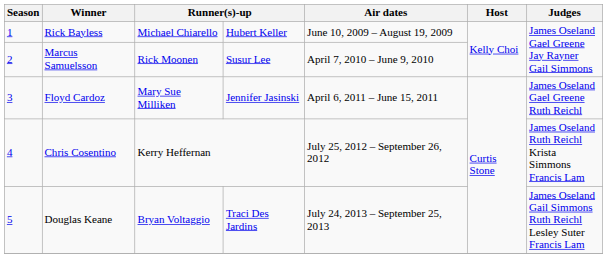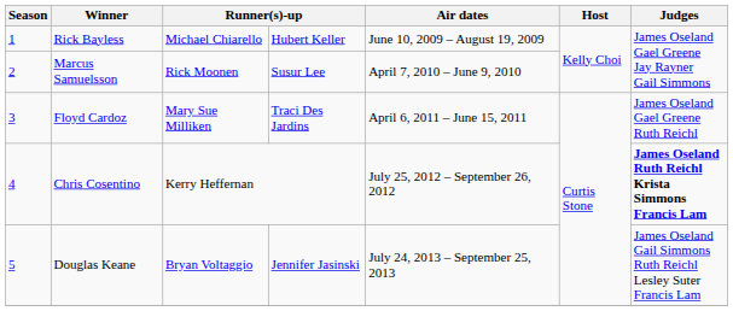 <table class="wikitable" style="background:#f9f9f9;">
 <tr>
 <th scope="col">Season</th>
 <th scope="col">Winner</th>
 <th scope="col"  colspan="2">Runner(s)-up</th>
 <th scope="col">Air dates</th>
 <th scope="col">Host</th>
 <th scope="col">Judges</th>
 </tr>
 <tr>
 <td style="width:05%;"><a href='#'>1</a></td>
 <td><a href='#'>Rick Bayless</a></td>
 <td><a href='#'>Michael Chiarello</a></td>
 <td><a href='#'>Hubert Keller</a></td>
 <td>June 10, 2009 – August 19, 2009</td>
 <td rowspan="2"><a href='#'>Kelly Choi</a></td>
 <td rowspan="2"><a href='#'>James Oseland</a><br><a href='#'>Gael Greene</a><br><a href='#'>Jay Rayner</a><br><a href='#'>Gail Simmons</a></td>
 </tr>
 <tr>
 <td style="width:05%;"><a href='#'>2</a></td>
 <td><a href='#'>Marcus Samuelsson</a></td>
 <td><a href='#'>Rick Moonen</a></td>
 <td><a href='#'>Susur Lee</a></td>
 <td>April 7, 2010 – June 9, 2010</td>
 </tr>
 <tr>
 <td style="width:05%;"><a href='#'>3</a></td>
 <td><a href='#'>Floyd Cardoz</a></td>
 <td><a href='#'>Mary Sue Milliken</a></td>
-<td><a href='#'>Jennifer Jasinski</a></td>
+<td><a href='#'>Traci Des Jardins</a></td>
 <td>April 6, 2011 – June 15, 2011</td>
 <td rowspan="3"><a href='#'>Curtis Stone</a></td>
 <td><a href='#'>James Oseland</a><br><a href='#'>Gael Greene</a><br><a href='#'>Ruth Reichl</a></td>
 </tr>
 <tr>
 <td style="width:05%;"><a href='#'>4</a></td>
 <td><a href='#'>Chris Cosentino</a></td>
 <td colspan="2">Kerry Heffernan</td>
 <td>July 25, 2012 – September 26, 2012</td>
-<td><a href='#'>James Oseland</a><br><a href='#'>Ruth Reichl</a><br>Krista Simmons<br><a href='#'>Francis Lam</a></td>
+<td><strong><a href='#'>James Oseland</a><br><a href='#'>Ruth Reichl</a><br>Krista Simmons<br><a href='#'>Francis Lam</a></strong></td>
 </tr>
 <tr>
 <td style="width:05%;"><a href='#'>5</a></td>
 <td>Douglas Keane</td>
 <td><a href='#'>Bryan Voltaggio</a></td>
-<td><a href='#'>Traci Des Jardins</a></td>
+<td><a href='#'>Jennifer Jasinski</a></td>
 <td>July 24, 2013 – September 25, 2013</td>
 <td><a href='#'>James Oseland</a><br><a href='#'>Gail Simmons</a><br><a href='#'>Ruth Reichl</a><br>Lesley Suter<br><a href='#'>Francis Lam</a></td>
 </tr>
 <tr>
 </tr>
 </table>
